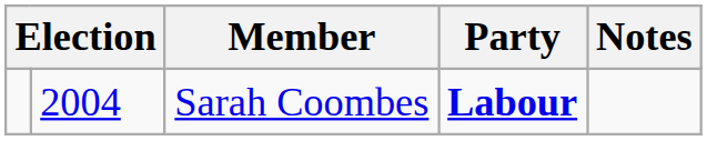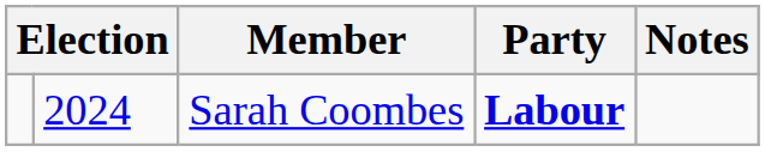 <table class="wikitable">
 <tr>
 <th colspan="2">Election</th>
 <th>Member</th>
 <th>Party</th>
 <th>Notes</th>
 </tr>
 <tr>
 <td style="color:inherit;background-color: "></td>
-<td><a href='#'>2004</a></td>
+<td><a href='#'>2024</a></td>
 <td><a href='#'>Sarah Coombes</a></td>
 <td><strong><a href='#'>Labour</a></strong></td>
 </tr>
 </table>
